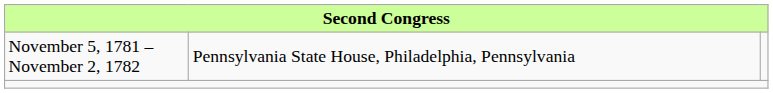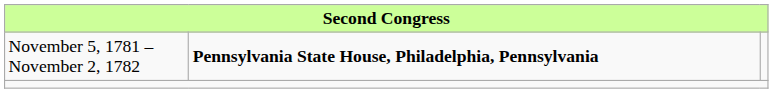 <table class=wikitable>
 <tr>
 <th colspan=3 style="background:#ccff99;">Second Congress</th>
 </tr>
 <tr>
 <td style="width: 10em;">November 5, 1781 –November 2, 1782</td>
-<td style="width: 32em;">Pennsylvania State House, Philadelphia, Pennsylvania</td>
+<td style="width: 32em;"><strong>Pennsylvania State House, Philadelphia, Pennsylvania</strong></td>
 <td></td>
 </tr>
 <tr>
 <td colspan=3></td>
 </tr>
 </table>
